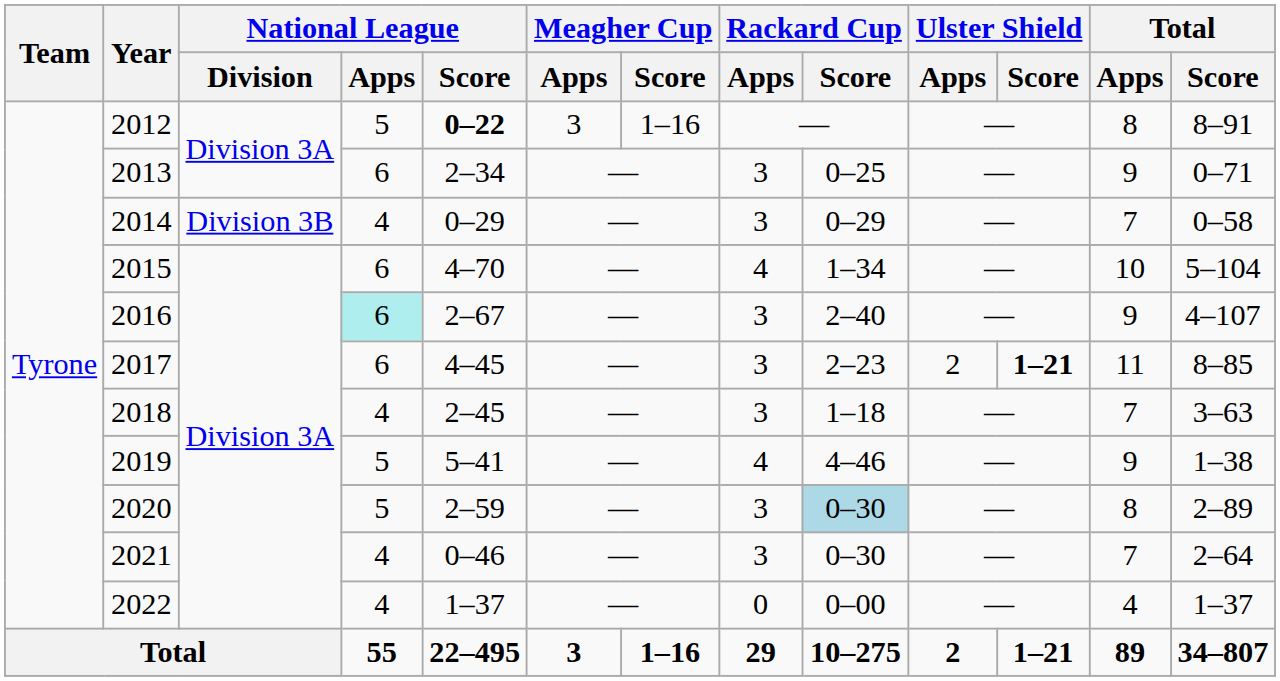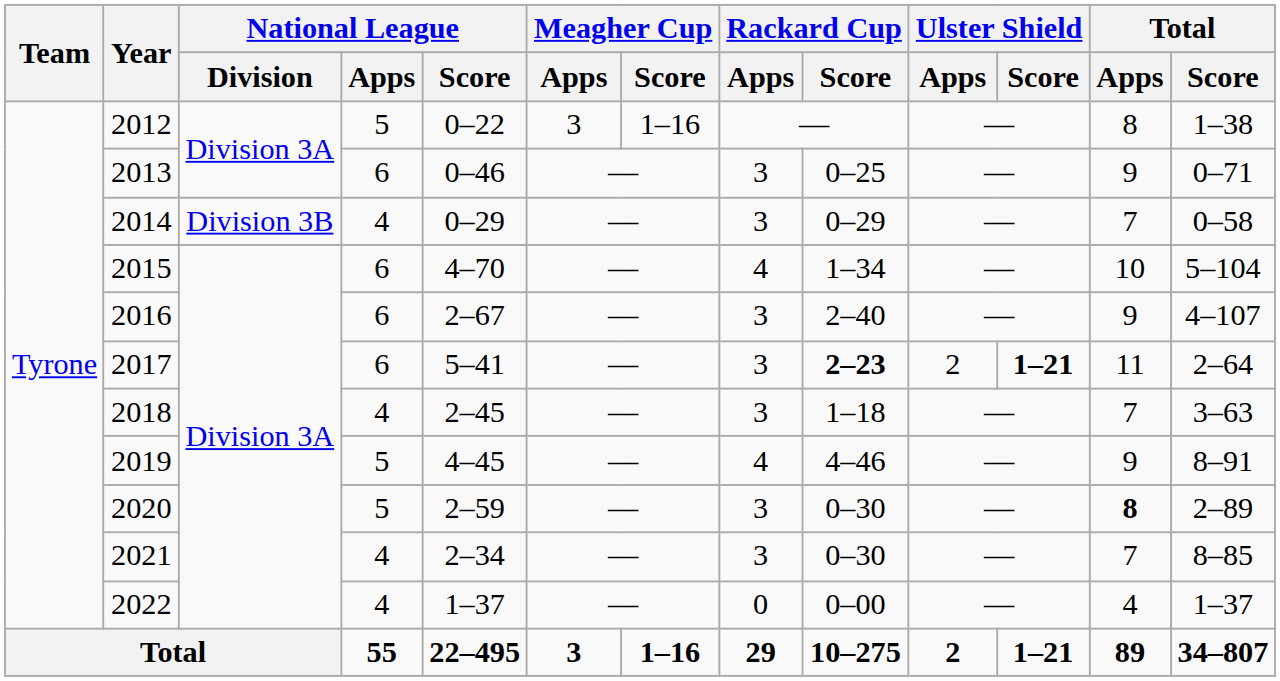 <table class="wikitable" style="text-align:center">
 <tr>
 <th rowspan="2">Team</th>
 <th rowspan="2">Year</th>
 <th colspan="3"><a href='#'>National League</a></th>
 <th colspan="2"><a href='#'>Meagher Cup</a></th>
 <th colspan="2"><a href='#'>Rackard Cup</a></th>
 <th colspan="2"><a href='#'>Ulster Shield</a></th>
 <th colspan="2">Total</th>
 </tr>
 <tr>
 <th>Division</th>
 <th>Apps</th>
 <th>Score</th>
 <th>Apps</th>
 <th>Score</th>
 <th>Apps</th>
 <th>Score</th>
 <th>Apps</th>
 <th>Score</th>
 <th>Apps</th>
 <th>Score</th>
 </tr>
 <tr>
 <td rowspan="11"><a href='#'>Tyrone</a></td>
 <td>2012</td>
 <td rowspan="2"><a href='#'>Division 3A</a></td>
 <td>5</td>
-<td><strong>0–22</strong></td>
+<td>0–22</td>
 <td>3</td>
 <td>1–16</td>
 <td colspan=2>—</td>
 <td colspan=2>—</td>
 <td>8</td>
-<td>8–91</td>
+<td>1–38</td>
 </tr>
 <tr>
 <td>2013</td>
 <td>6</td>
-<td>2–34</td>
+<td>0–46</td>
 <td colspan=2>—</td>
 <td>3</td>
 <td>0–25</td>
 <td colspan=2>—</td>
 <td>9</td>
 <td>0–71</td>
 </tr>
 <tr>
 <td>2014</td>
 <td rowspan="1"><a href='#'>Division 3B</a></td>
 <td>4</td>
 <td>0–29</td>
 <td colspan=2>—</td>
 <td>3</td>
 <td>0–29</td>
 <td colspan=2>—</td>
 <td>7</td>
 <td>0–58</td>
 </tr>
 <tr>
 <td>2015</td>
 <td rowspan="8"><a href='#'>Division 3A</a></td>
 <td>6</td>
 <td>4–70</td>
 <td colspan=2>—</td>
 <td>4</td>
 <td>1–34</td>
 <td colspan=2>—</td>
 <td>10</td>
 <td>5–104</td>
 </tr>
 <tr>
 <td>2016</td>
-<td style="background: paleturquoise;">6</td>
+<td>6</td>
 <td>2–67</td>
 <td colspan=2>—</td>
 <td>3</td>
 <td>2–40</td>
 <td colspan=2>—</td>
 <td>9</td>
 <td>4–107</td>
 </tr>
 <tr>
 <td>2017</td>
 <td>6</td>
-<td>4–45</td>
+<td>5–41</td>
 <td colspan=2>—</td>
 <td>3</td>
-<td>2–23</td>
+<td><strong>2–23</strong></td>
 <td>2</td>
 <td><strong>1–21</strong></td>
 <td>11</td>
-<td>8–85</td>
+<td>2–64</td>
 </tr>
 <tr>
 <td>2018</td>
 <td>4</td>
 <td>2–45</td>
 <td colspan=2>—</td>
 <td>3</td>
 <td>1–18</td>
 <td colspan=2>—</td>
 <td>7</td>
 <td>3–63</td>
 </tr>
 <tr>
 <td>2019</td>
 <td>5</td>
-<td>5–41</td>
+<td>4–45</td>
 <td colspan=2>—</td>
 <td>4</td>
 <td>4–46</td>
 <td colspan=2>—</td>
 <td>9</td>
-<td>1–38</td>
+<td>8–91</td>
 </tr>
 <tr>
 <td>2020</td>
 <td>5</td>
 <td>2–59</td>
 <td colspan=2>—</td>
 <td>3</td>
-<td style="background: lightblue;">0–30</td>
+<td>0–30</td>
 <td colspan=2>—</td>
-<td>8</td>
+<td><strong>8</strong></td>
 <td>2–89</td>
 </tr>
 <tr>
 <td>2021</td>
 <td>4</td>
-<td>0–46</td>
+<td>2–34</td>
 <td colspan=2>—</td>
 <td>3</td>
 <td>0–30</td>
 <td colspan=2>—</td>
 <td>7</td>
-<td>2–64</td>
+<td>8–85</td>
 </tr>
 <tr>
 <td>2022</td>
 <td>4</td>
 <td>1–37</td>
 <td colspan=2>—</td>
 <td>0</td>
 <td>0–00</td>
 <td colspan=2>—</td>
 <td>4</td>
 <td>1–37</td>
 </tr>
 <tr>
 <th colspan="3">Total</th>
 <td><strong>55</strong></td>
 <td><strong>22–495</strong></td>
 <td><strong>3</strong></td>
 <td><strong>1–16</strong></td>
 <td><strong>29</strong></td>
 <td><strong>10–275</strong></td>
 <td><strong>2</strong></td>
 <td><strong>1–21</strong></td>
 <td><strong>89</strong></td>
 <td><strong>34–807</strong></td>
 </tr>
 </table>
